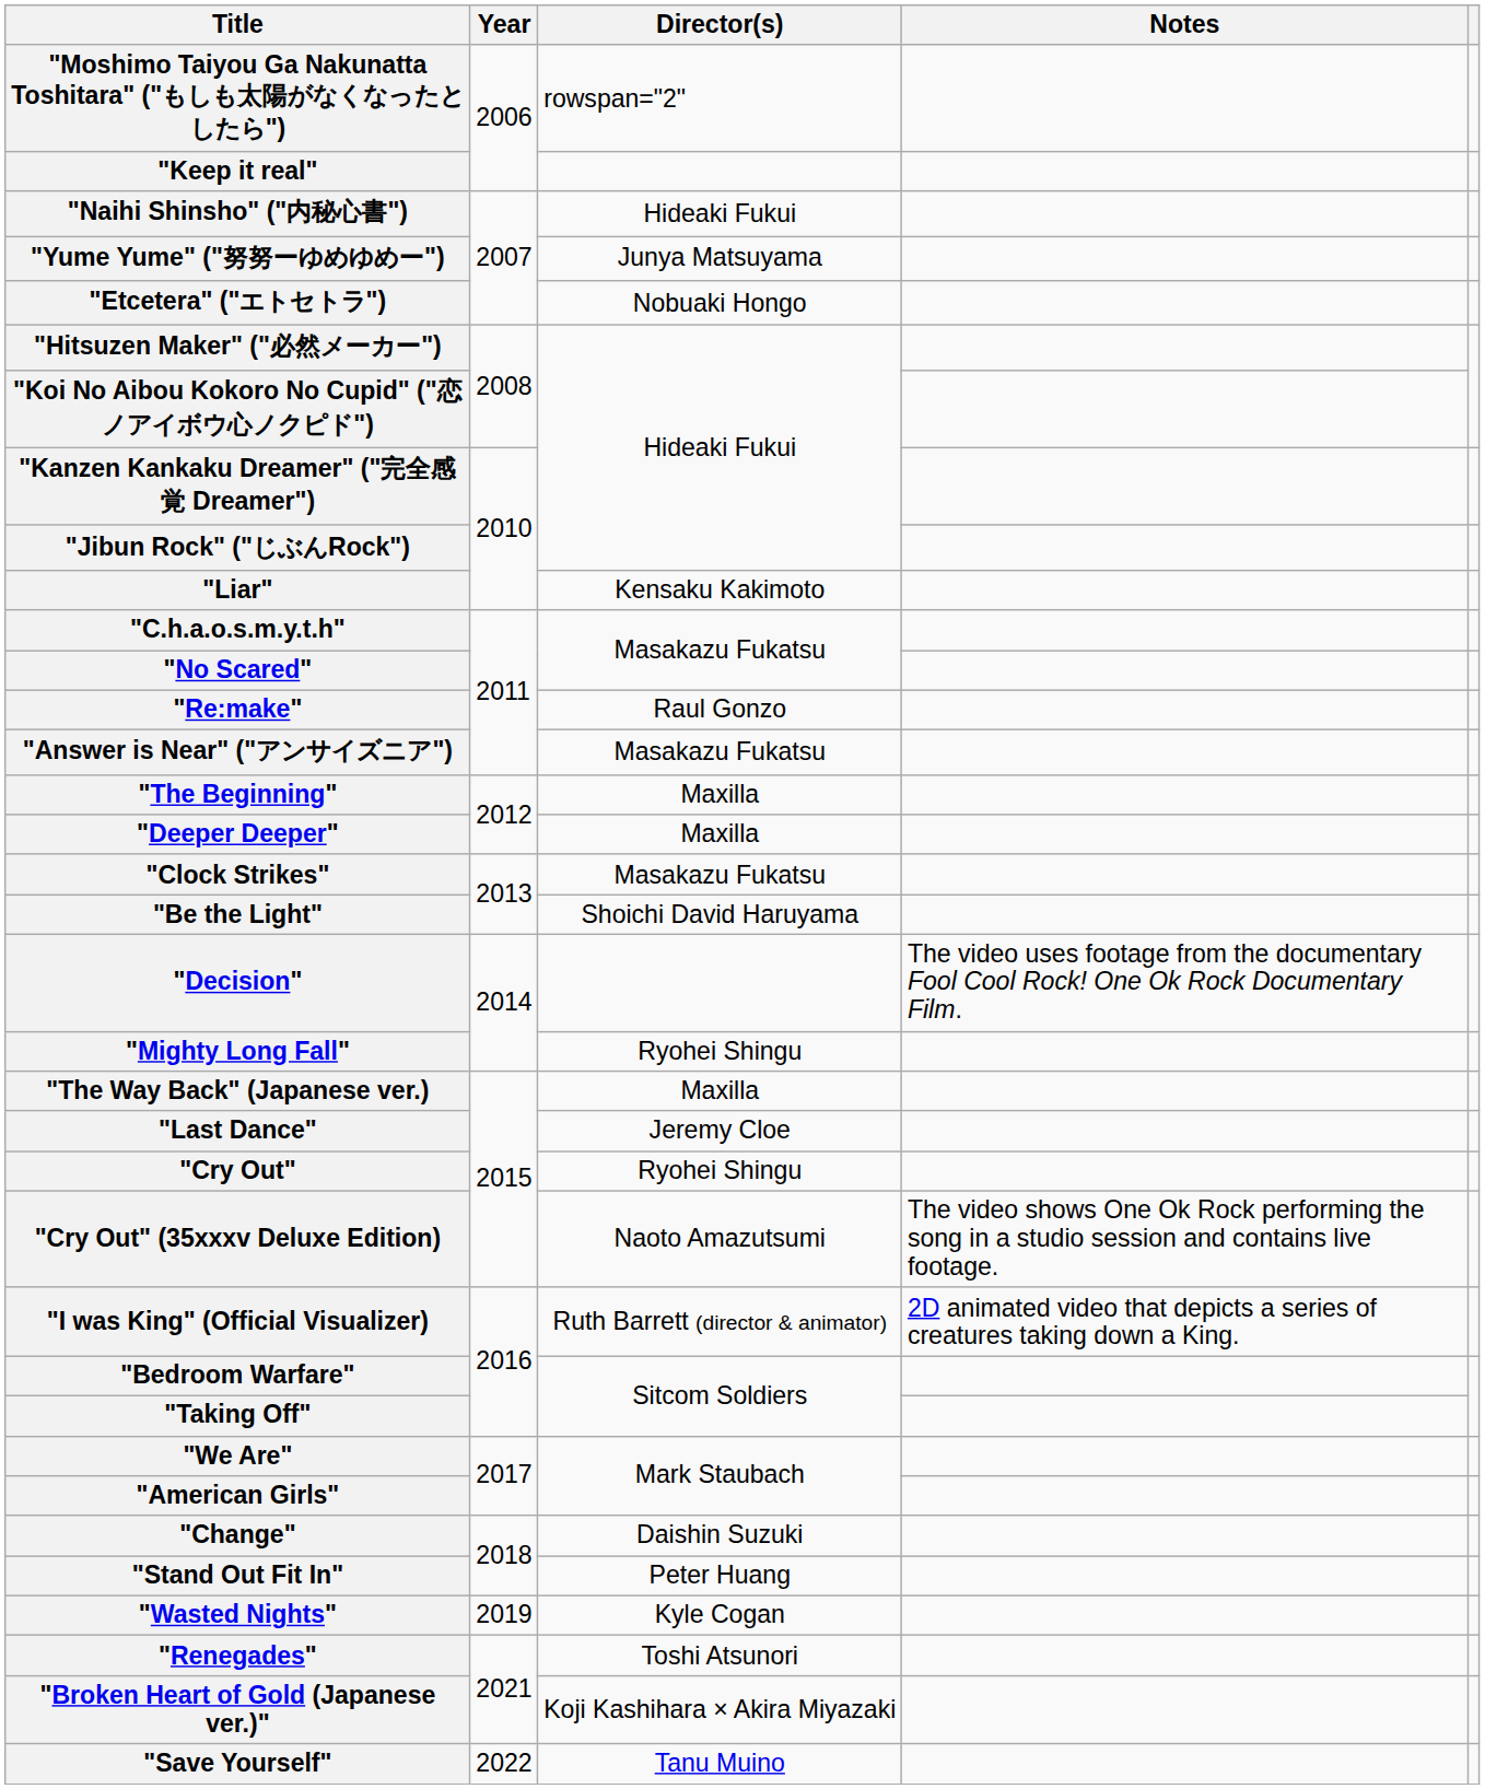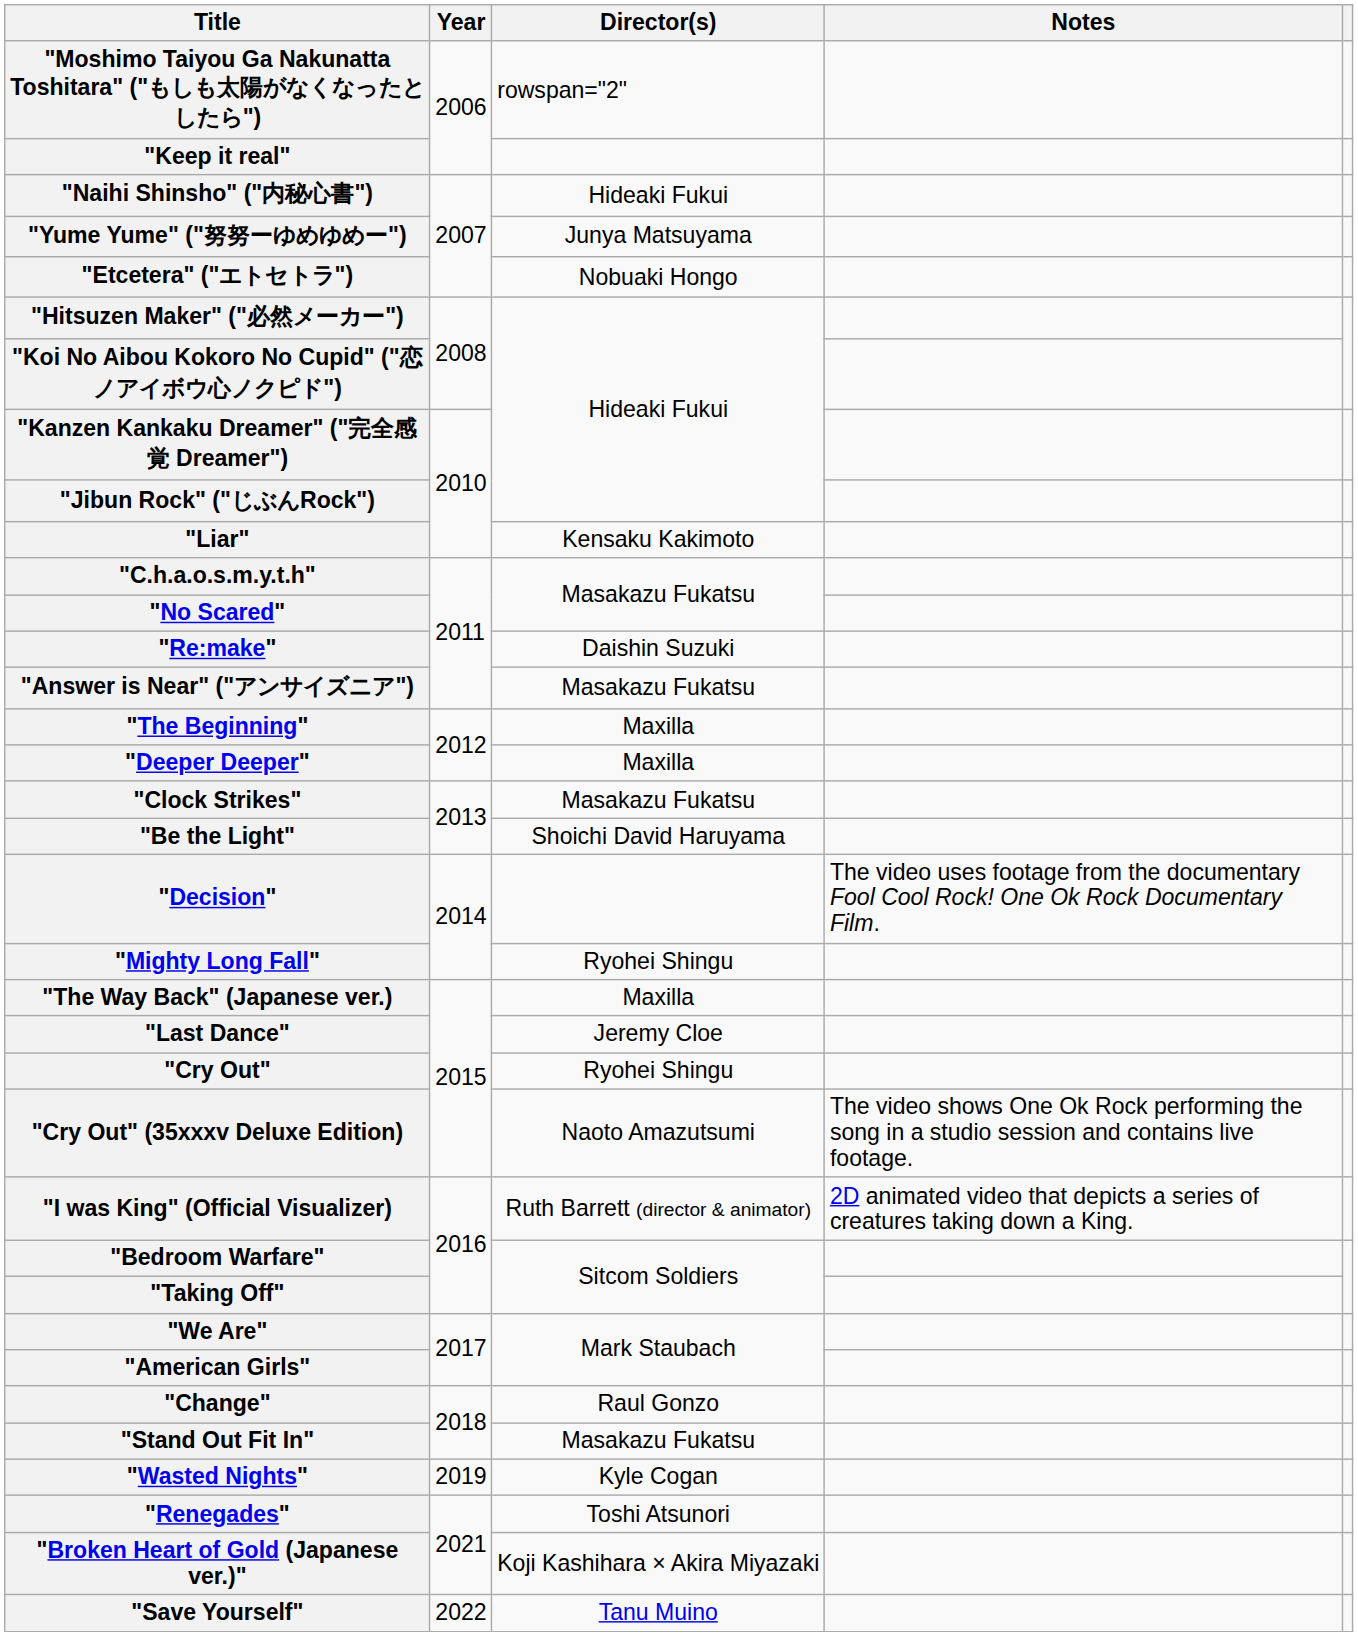 <table class="wikitable plainrowheaders sortable" border="1">
 <tr>
 <th scope="col" style="width:18em;">Title</th>
 <th scope="col">Year</th>
 <th scope="col">Director(s)</th>
 <th scope="col" style="width:22em;">Notes</th>
 <th></th>
 </tr>
 <tr>
 <th scope="row">"Moshimo Taiyou Ga Nakunatta Toshitara" ("もしも太陽がなくなったとしたら")</th>
 <td rowspan="2">2006</td>
 <td>rowspan="2" </td>
 <td></td>
 <td></td>
 </tr>
 <tr>
 <th scope="row">"Keep it real"</th>
 <td></td>
 <td></td>
 </tr>
 <tr>
 <th scope="row">"Naihi Shinsho" ("内秘心書")</th>
 <td rowspan="3">2007</td>
 <td align="center">Hideaki Fukui</td>
 <td></td>
 <td></td>
 </tr>
 <tr>
 <th scope="row">"Yume Yume" ("努努ーゆめゆめー")</th>
 <td align="center">Junya Matsuyama</td>
 <td></td>
 <td></td>
 </tr>
 <tr>
 <th scope="row">"Etcetera" ("エトセトラ")</th>
 <td align="center">Nobuaki Hongo</td>
 <td></td>
 <td></td>
 </tr>
 <tr>
 <th scope="row">"Hitsuzen Maker" ("必然メーカー")</th>
 <td rowspan="2">2008</td>
 <td align="center" rowspan="4">Hideaki Fukui</td>
 <td></td>
 <td rowspan="2"></td>
 </tr>
 <tr>
 <th scope="row">"Koi No Aibou Kokoro No Cupid" ("恋ノアイボウ心ノクピド")</th>
 <td></td>
 </tr>
 <tr>
 <th scope="row">"Kanzen Kankaku Dreamer" ("完全感覚 Dreamer")</th>
 <td rowspan="3">2010</td>
 <td></td>
 <td></td>
 </tr>
 <tr>
 <th scope="row">"Jibun Rock" ("じぶんRock")</th>
 <td></td>
 <td></td>
 </tr>
 <tr>
 <th scope="row">"Liar"</th>
 <td align="center">Kensaku Kakimoto</td>
 <td></td>
 <td></td>
 </tr>
 <tr>
 <th scope="row">"C.h.a.o.s.m.y.t.h"</th>
 <td rowspan="4">2011</td>
 <td align="center" rowspan="2">Masakazu Fukatsu</td>
 <td></td>
 <td></td>
 </tr>
 <tr>
 <th scope="row">"<a href='#'>No Scared</a>"</th>
 <td></td>
 <td></td>
 </tr>
 <tr>
 <th scope="row">"<a href='#'>Re:make</a>"</th>
-<td align="center">Raul Gonzo</td>
+<td align="center">Daishin Suzuki</td>
 <td></td>
 <td></td>
 </tr>
 <tr>
 <th scope="row">"Answer is Near" ("アンサイズニア")</th>
 <td align="center">Masakazu Fukatsu</td>
 <td></td>
 <td></td>
 </tr>
 <tr>
 <th scope="row">"<a href='#'>The Beginning</a>"</th>
 <td rowspan="2">2012</td>
 <td align="center">Maxilla</td>
 <td></td>
 <td></td>
 </tr>
 <tr>
 <th scope="row">"<a href='#'>Deeper Deeper</a>"</th>
 <td align="center">Maxilla</td>
 <td></td>
 <td></td>
 </tr>
 <tr>
 <th scope="row">"Clock Strikes"</th>
 <td rowspan="2">2013</td>
 <td align="center">Masakazu Fukatsu</td>
 <td></td>
 <td></td>
 </tr>
 <tr>
 <th scope="row">"Be the Light"</th>
 <td align="center">Shoichi David Haruyama</td>
 <td></td>
 <td></td>
 </tr>
 <tr>
 <th scope="row">"<a href='#'>Decision</a>"</th>
 <td rowspan="2">2014</td>
 <td></td>
 <td>The video uses footage from the documentary <em>Fool Cool Rock! One Ok Rock Documentary Film</em>.</td>
 <td></td>
 </tr>
 <tr>
 <th scope="row">"<a href='#'>Mighty Long Fall</a>"</th>
 <td align="center">Ryohei Shingu</td>
 <td></td>
 <td></td>
 </tr>
 <tr>
 <th scope="row">"The Way Back" (Japanese ver.)</th>
 <td rowspan="4">2015</td>
 <td align="center">Maxilla</td>
 <td></td>
 <td></td>
 </tr>
 <tr>
 <th scope="row">"Last Dance"</th>
 <td align="center">Jeremy Cloe</td>
 <td></td>
 <td></td>
 </tr>
 <tr>
 <th scope="row">"Cry Out"</th>
 <td align="center">Ryohei Shingu</td>
 <td></td>
 <td></td>
 </tr>
 <tr>
 <th scope="row">"Cry Out" (35xxxv Deluxe Edition)</th>
 <td align="center">Naoto Amazutsumi</td>
 <td>The video shows One Ok Rock performing the song in a studio session and contains live footage.</td>
 <td></td>
 </tr>
 <tr>
 <th scope="row">"I was King" (Official Visualizer)</th>
 <td rowspan="3">2016</td>
 <td align="center">Ruth Barrett <small>(director & animator)</small></td>
 <td><a href='#'>2D</a> animated video that depicts a series of creatures taking down a King.</td>
 <td></td>
 </tr>
 <tr>
 <th scope="row">"Bedroom Warfare"</th>
 <td rowspan="2" align="center">Sitcom Soldiers</td>
 <td></td>
 <td rowspan="2"></td>
 </tr>
 <tr>
 <th scope="row">"Taking Off"</th>
 <td></td>
 </tr>
 <tr>
 <th scope="row">"We Are"</th>
 <td rowspan="2">2017</td>
 <td rowspan="2" align="center">Mark Staubach</td>
 <td></td>
 <td></td>
 </tr>
 <tr>
 <th scope="row">"American Girls"</th>
 <td></td>
 <td></td>
 </tr>
 <tr>
 <th scope="row">"Change"</th>
 <td rowspan="2">2018</td>
-<td align="center">Daishin Suzuki</td>
+<td align="center">Raul Gonzo</td>
 <td></td>
 <td></td>
 </tr>
 <tr>
 <th scope="row">"Stand Out Fit In"</th>
-<td align="center">Peter Huang</td>
+<td align="center">Masakazu Fukatsu</td>
 <td></td>
 <td></td>
 </tr>
 <tr>
 <th scope="row">"<a href='#'>Wasted Nights</a>"</th>
 <td rowspan="1">2019</td>
 <td align="center">Kyle Cogan</td>
 <td></td>
 <td></td>
 </tr>
 <tr>
 <th scope="row">"<a href='#'>Renegades</a>"</th>
 <td rowspan="2">2021</td>
 <td align="center">Toshi Atsunori</td>
 <td></td>
 <td></td>
 </tr>
 <tr>
 <th scope="row">"<a href='#'>Broken Heart of Gold</a> (Japanese ver.)"</th>
 <td align="center">Koji Kashihara × Akira Miyazaki</td>
 <td></td>
 <td></td>
 </tr>
 <tr>
 <th scope="row">"Save Yourself"</th>
 <td rowspan="1">2022</td>
 <td align="center"><a href='#'>Tanu Muino</a></td>
 <td></td>
 <td></td>
 </tr>
 <tr>
 </tr>
 </table>
